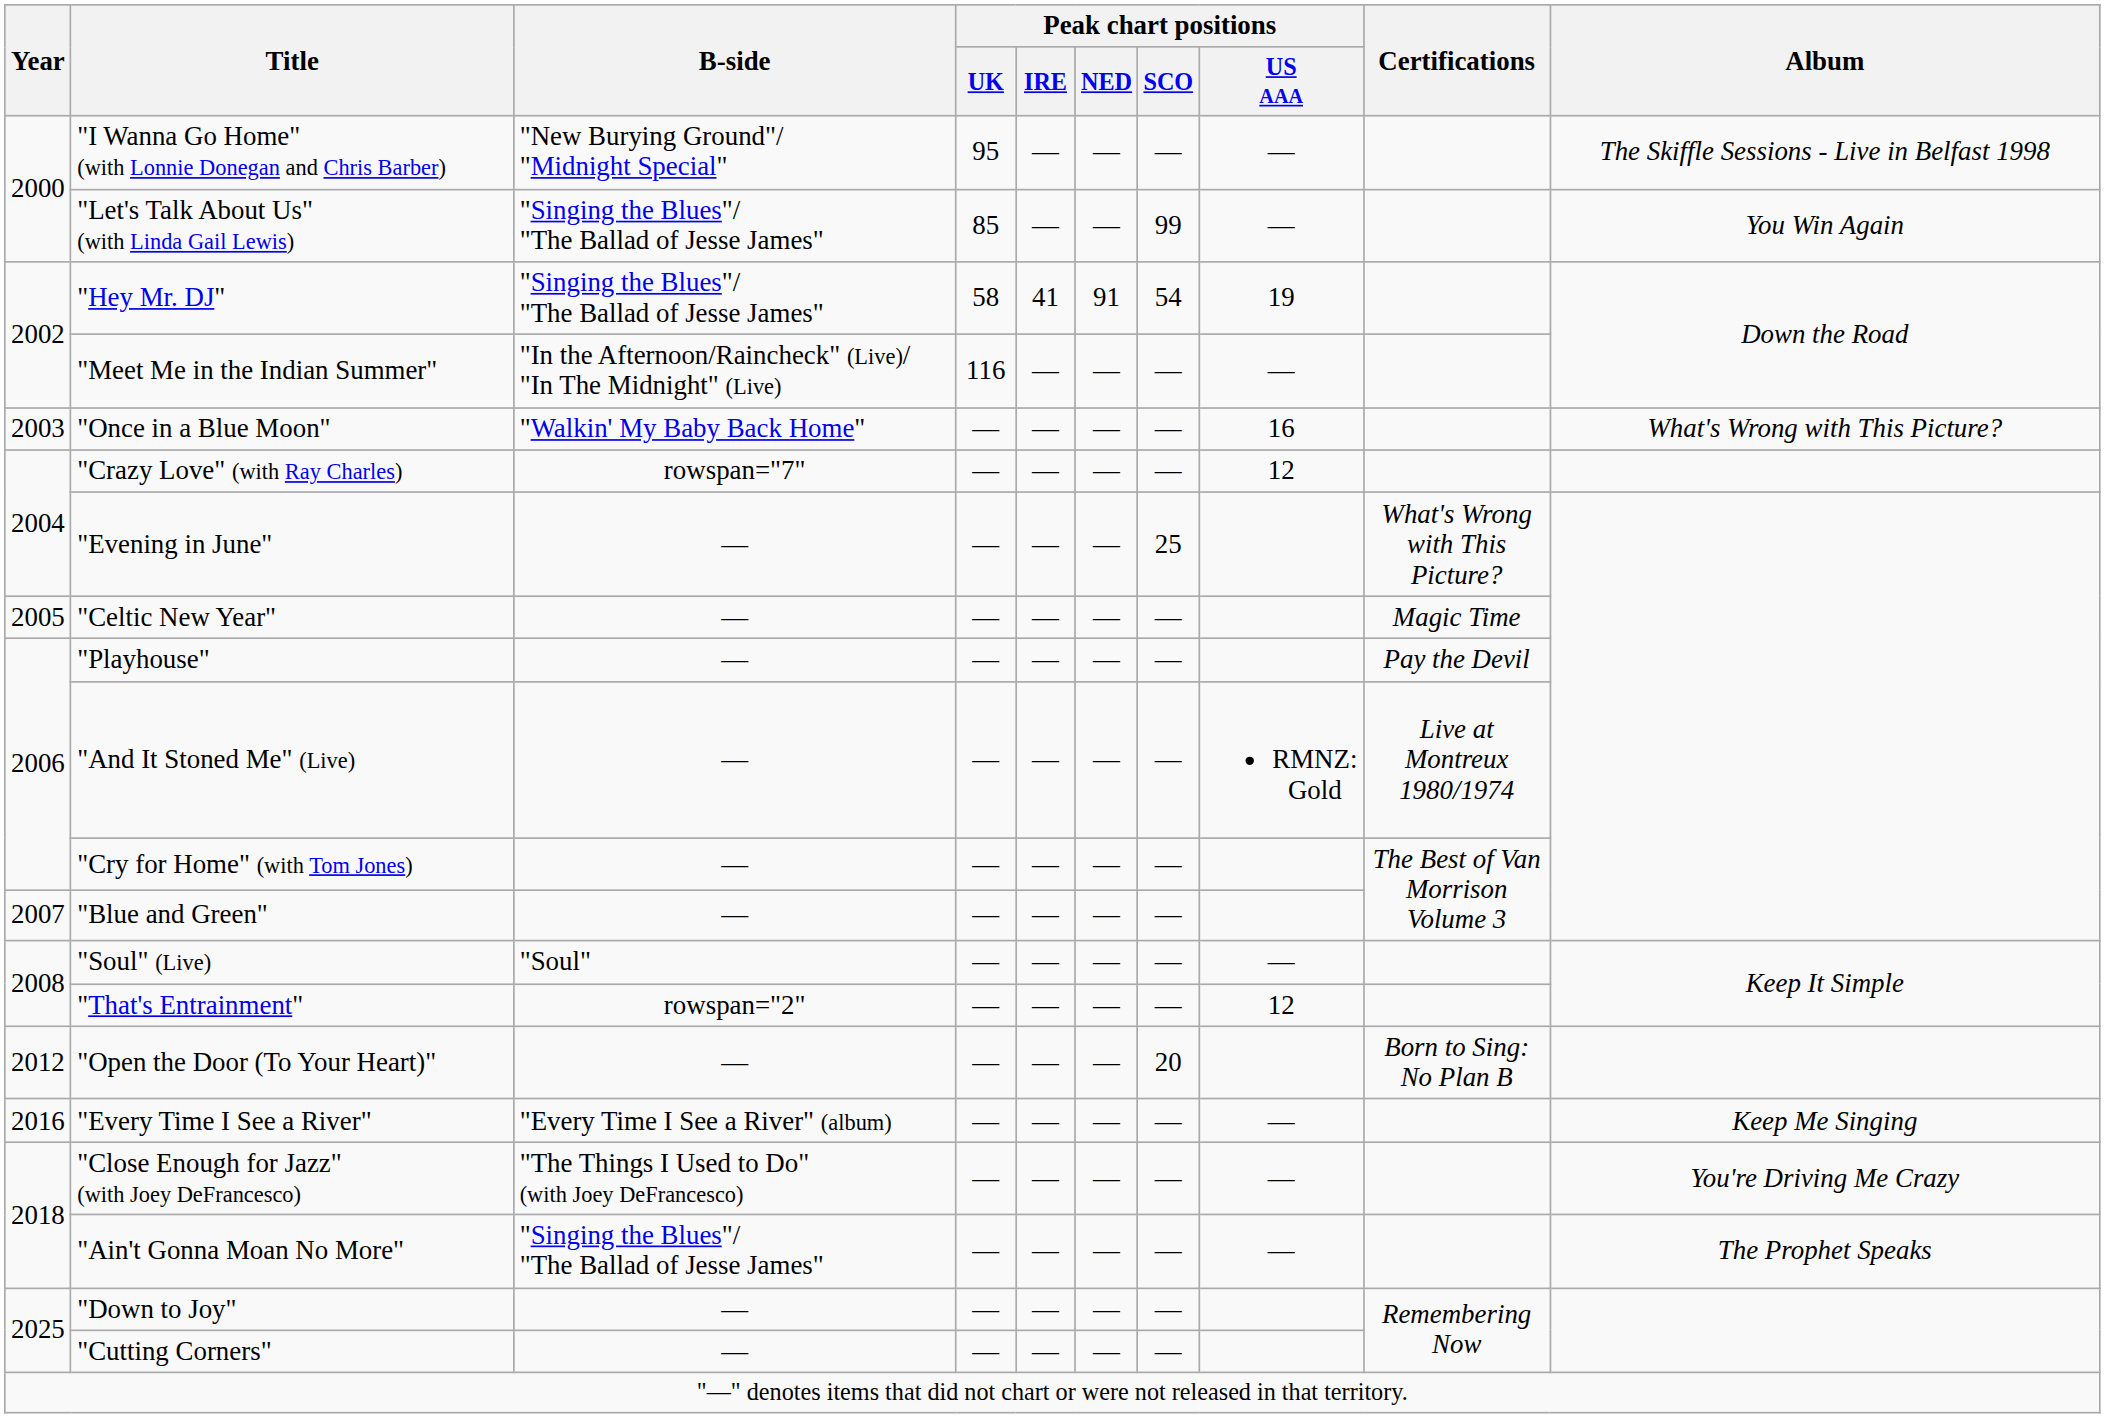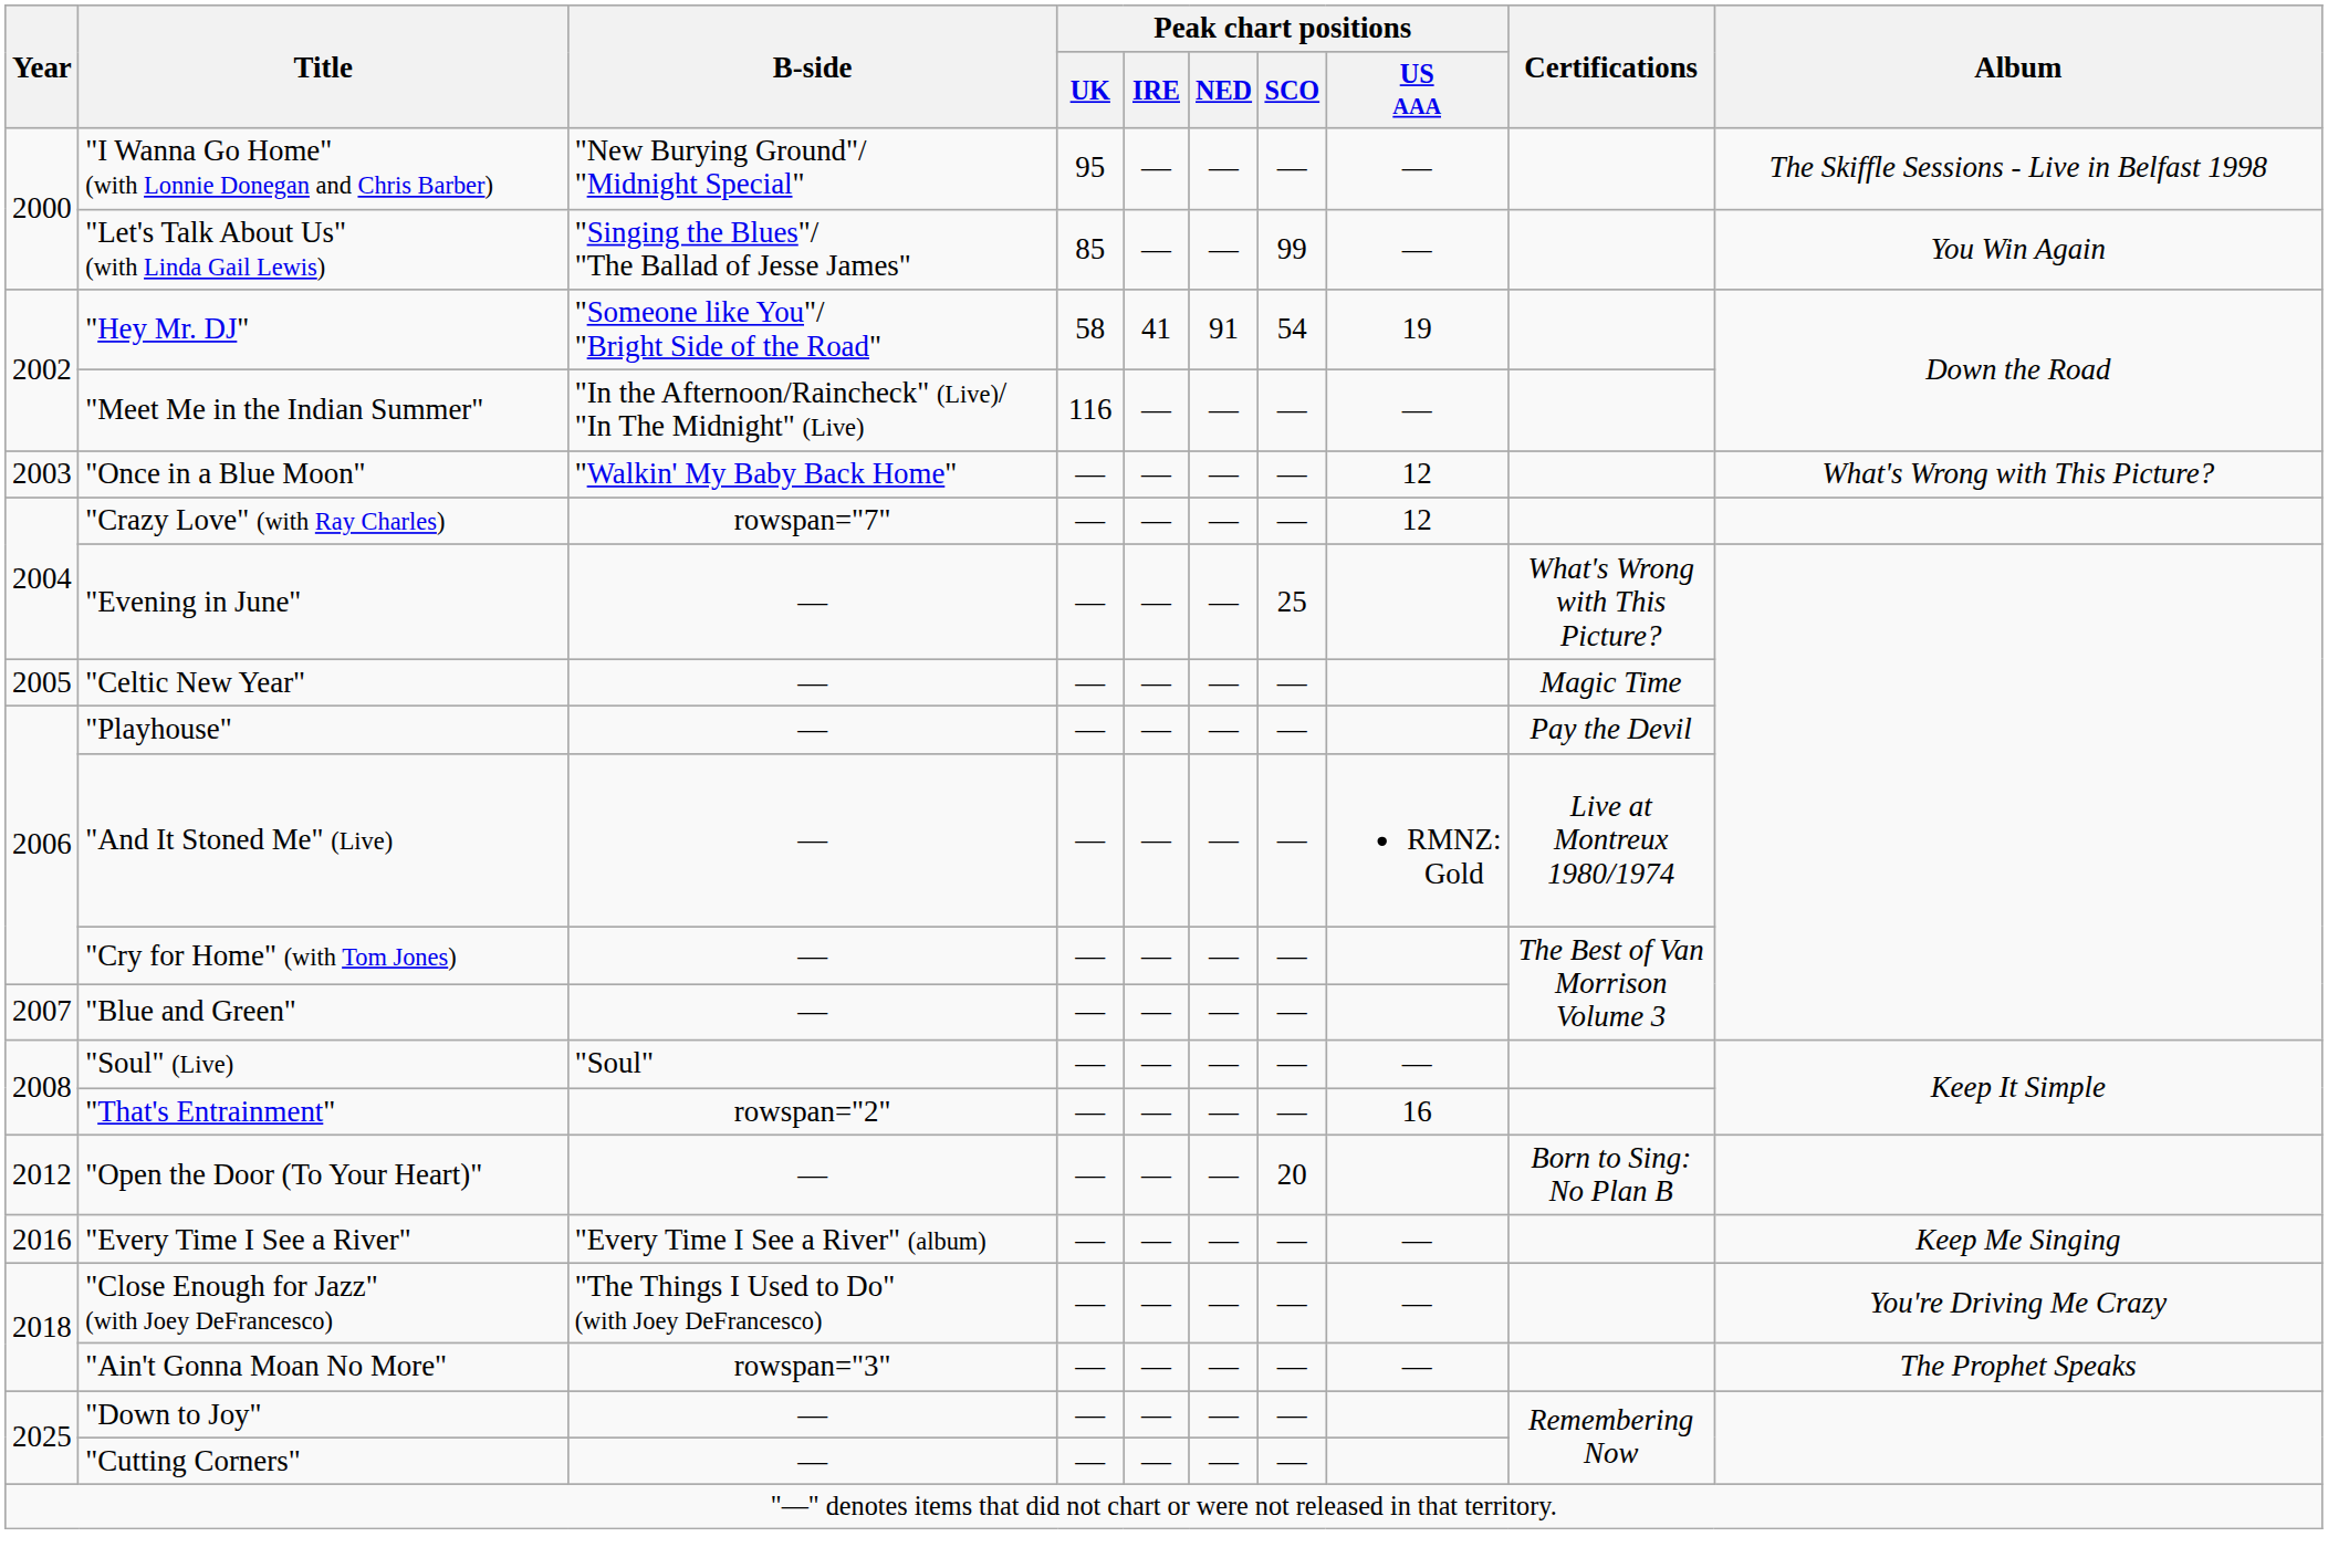 <table class="wikitable" style="text-align:center;">
 <tr>
 <th rowspan="2" style="width:2em;">Year</th>
 <th rowspan="2" style="width:16em;">Title</th>
 <th rowspan="2" style="width:16em;">B-side</th>
 <th colspan="5">Peak chart positions</th>
 <th rowspan="2">Certifications</th>
 <th rowspan="2" style="width:20em;">Album</th>
 </tr>
 <tr>
 <th style="width:2em;font-size:90%;"><a href='#'>UK</a><br></th>
 <th style="width:2em;font-size:90%;"><a href='#'>IRE</a><br></th>
 <th style="width:2em;font-size:90%;"><a href='#'>NED</a><br></th>
 <th style="width:2em;font-size:90%;"><a href='#'>SCO</a><br></th>
 <th style="width:2em;font-size:90%;"><a href='#'>US<br><small>AAA</small></a><br></th>
 </tr>
 <tr>
 <td rowspan="2">2000</td>
 <td style="text-align:left;">"I Wanna Go Home"<br><small>(with <a href='#'>Lonnie Donegan</a> and <a href='#'>Chris Barber</a>)</small></td>
 <td style="text-align:left;">"New Burying Ground"/<br>"<a href='#'>Midnight Special</a>"</td>
 <td>95</td>
 <td>—</td>
 <td>—</td>
 <td>—</td>
 <td>—</td>
 <td></td>
 <td><em>The Skiffle Sessions - Live in Belfast 1998</em></td>
 </tr>
 <tr>
 <td style="text-align:left;">"Let's Talk About Us"<br><small>(with <a href='#'>Linda Gail Lewis</a>)</small></td>
 <td style="text-align:left;">"<a href='#'>Singing the Blues</a>"/<br>"The Ballad of Jesse James"</td>
 <td>85</td>
 <td>—</td>
 <td>—</td>
 <td>99</td>
 <td>—</td>
 <td></td>
 <td><em>You Win Again</em></td>
 </tr>
 <tr>
 <td rowspan="2">2002</td>
 <td style="text-align:left;">"<a href='#'>Hey Mr. DJ</a>"</td>
-<td style="text-align:left;">"<a href='#'>Singing the Blues</a>"/<br>"The Ballad of Jesse James"</td>
+<td style="text-align:left;">"<a href='#'>Someone like You</a>"/<br>"<a href='#'>Bright Side of the Road</a>"</td>
 <td>58</td>
 <td>41</td>
 <td>91</td>
 <td>54</td>
 <td>19</td>
 <td></td>
 <td rowspan="2"><em>Down the Road</em></td>
 </tr>
 <tr>
 <td style="text-align:left;">"Meet Me in the Indian Summer"</td>
 <td style="text-align:left;">"In the Afternoon/Raincheck" <small>(Live)</small>/<br>"In The Midnight" <small>(Live)</small></td>
 <td>116</td>
 <td>—</td>
 <td>—</td>
 <td>—</td>
 <td>—</td>
 <td></td>
 </tr>
 <tr>
 <td>2003</td>
 <td style="text-align:left;">"Once in a Blue Moon"</td>
 <td style="text-align:left;">"<a href='#'>Walkin' My Baby Back Home</a>"</td>
 <td>—</td>
 <td>—</td>
 <td>—</td>
 <td>—</td>
-<td>16</td>
+<td>12</td>
 <td></td>
 <td><em>What's Wrong with This Picture?</em></td>
 </tr>
 <tr>
 <td rowspan="2">2004</td>
 <td style="text-align:left;">"Crazy Love" <small>(with <a href='#'>Ray Charles</a>)</small></td>
 <td>rowspan="7" </td>
 <td>—</td>
 <td>—</td>
 <td>—</td>
 <td>—</td>
 <td>12</td>
 <td></td>
 <td></td>
 </tr>
 <tr>
 <td style="text-align:left;">"Evening in June"</td>
 <td>—</td>
 <td>—</td>
 <td>—</td>
 <td>—</td>
 <td>25</td>
 <td></td>
 <td><em>What's Wrong with This Picture?</em></td>
 </tr>
 <tr>
 <td>2005</td>
 <td style="text-align:left;">"Celtic New Year"</td>
 <td>—</td>
 <td>—</td>
 <td>—</td>
 <td>—</td>
 <td>—</td>
 <td></td>
 <td><em>Magic Time</em></td>
 </tr>
 <tr>
 <td rowspan="3">2006</td>
 <td style="text-align:left;">"Playhouse"</td>
 <td>—</td>
 <td>—</td>
 <td>—</td>
 <td>—</td>
 <td>—</td>
 <td></td>
 <td><em>Pay the Devil</em></td>
 </tr>
 <tr>
 <td style="text-align:left;">"And It Stoned Me" <small>(Live)</small></td>
 <td>—</td>
 <td>—</td>
 <td>—</td>
 <td>—</td>
 <td>—</td>
 <td><br><ul><li>RMNZ: Gold</li></ul></td>
 <td><em>Live at Montreux 1980/1974</em></td>
 </tr>
 <tr>
 <td style="text-align:left;">"Cry for Home" <small>(with <a href='#'>Tom Jones</a>)</small></td>
 <td>—</td>
 <td>—</td>
 <td>—</td>
 <td>—</td>
 <td>—</td>
 <td></td>
 <td rowspan="2"><em>The Best of Van Morrison Volume 3</em></td>
 </tr>
 <tr>
 <td>2007</td>
 <td style="text-align:left;">"Blue and Green"</td>
 <td>—</td>
 <td>—</td>
 <td>—</td>
 <td>—</td>
 <td>—</td>
 <td></td>
 </tr>
 <tr>
 <td rowspan="2">2008</td>
 <td style="text-align:left;">"Soul" <small>(Live)</small></td>
 <td style="text-align:left;">"Soul"</td>
 <td>—</td>
 <td>—</td>
 <td>—</td>
 <td>—</td>
 <td>—</td>
 <td></td>
 <td rowspan="2"><em>Keep It Simple</em></td>
 </tr>
 <tr>
 <td style="text-align:left;">"<a href='#'>That's Entrainment</a>"</td>
 <td>rowspan="2" </td>
 <td>—</td>
 <td>—</td>
 <td>—</td>
 <td>—</td>
-<td>12</td>
+<td>16</td>
 <td></td>
 </tr>
 <tr>
 <td>2012</td>
 <td style="text-align:left;">"Open the Door (To Your Heart)"</td>
 <td>—</td>
 <td>—</td>
 <td>—</td>
 <td>—</td>
 <td>20</td>
 <td></td>
 <td><em>Born to Sing: No Plan B</em></td>
 </tr>
 <tr>
 <td>2016</td>
 <td style="text-align:left;">"Every Time I See a River"</td>
 <td style="text-align:left;">"Every Time I See a River" <small>(album)</small></td>
 <td>—</td>
 <td>—</td>
 <td>—</td>
 <td>—</td>
 <td>—</td>
 <td></td>
 <td><em>Keep Me Singing</em></td>
 </tr>
 <tr>
 <td rowspan="2">2018</td>
 <td style="text-align:left;">"Close Enough for Jazz"<br><small>(with Joey DeFrancesco)</small></td>
 <td style="text-align:left;">"The Things I Used to Do"<br><small>(with Joey DeFrancesco)</small></td>
 <td>—</td>
 <td>—</td>
 <td>—</td>
 <td>—</td>
 <td>—</td>
 <td></td>
 <td><em>You're Driving Me Crazy</em></td>
 </tr>
 <tr>
 <td style="text-align:left;">"Ain't Gonna Moan No More"</td>
-<td style="text-align:left;">"<a href='#'>Singing the Blues</a>"/<br>"The Ballad of Jesse James"</td>
+<td>rowspan="3" </td>
 <td>—</td>
 <td>—</td>
 <td>—</td>
 <td>—</td>
 <td>—</td>
 <td></td>
 <td><em>The Prophet Speaks</em></td>
 </tr>
 <tr>
 <td rowspan="2">2025</td>
 <td style="text-align:left;">"Down to Joy"</td>
 <td>—</td>
 <td>—</td>
 <td>—</td>
 <td>—</td>
 <td>—</td>
 <td></td>
 <td rowspan="2"><em>Remembering Now</em></td>
 </tr>
 <tr>
 <td style="text-align:left;">"Cutting Corners"</td>
 <td>—</td>
 <td>—</td>
 <td>—</td>
 <td>—</td>
 <td>—</td>
 </tr>
 <tr>
 <td colspan="16" style="font-size:90%">"—" denotes items that did not chart or were not released in that territory.</td>
 </tr>
 </table>
